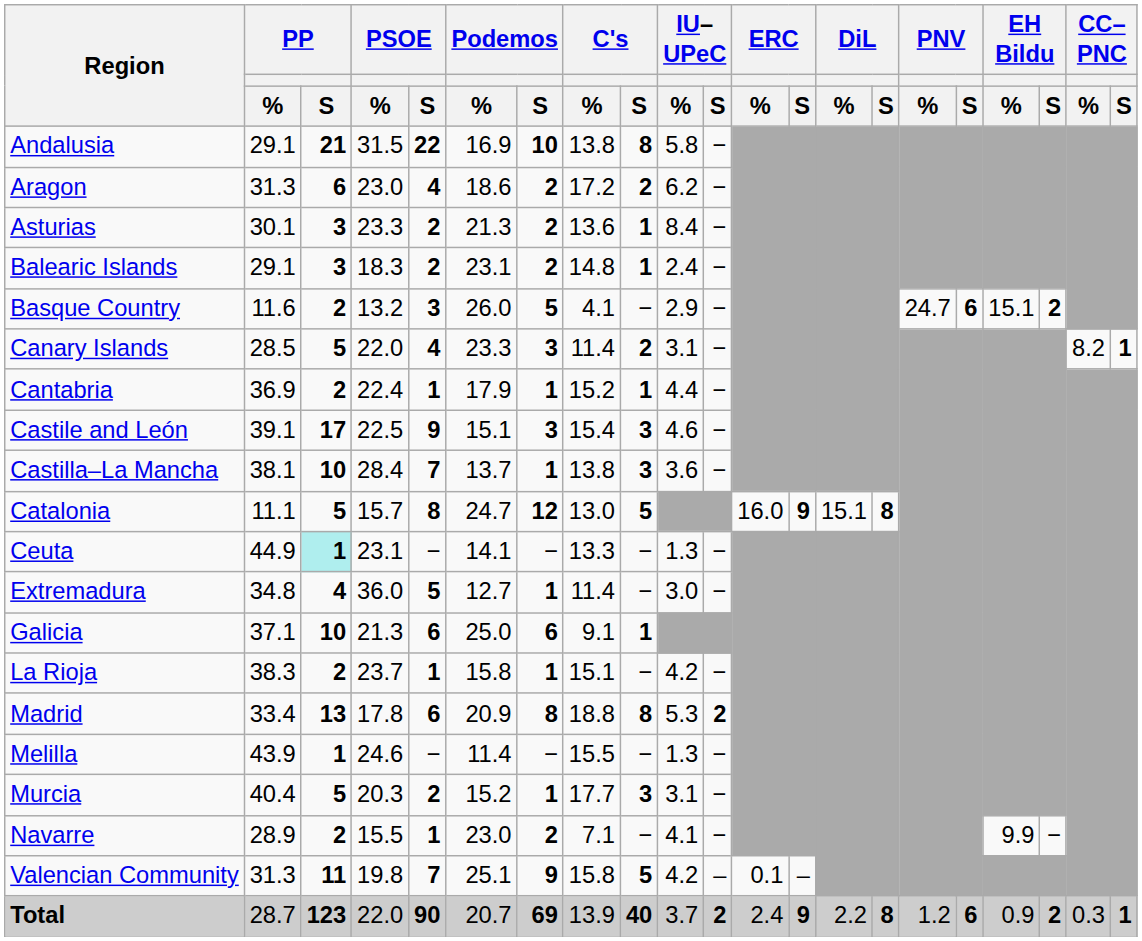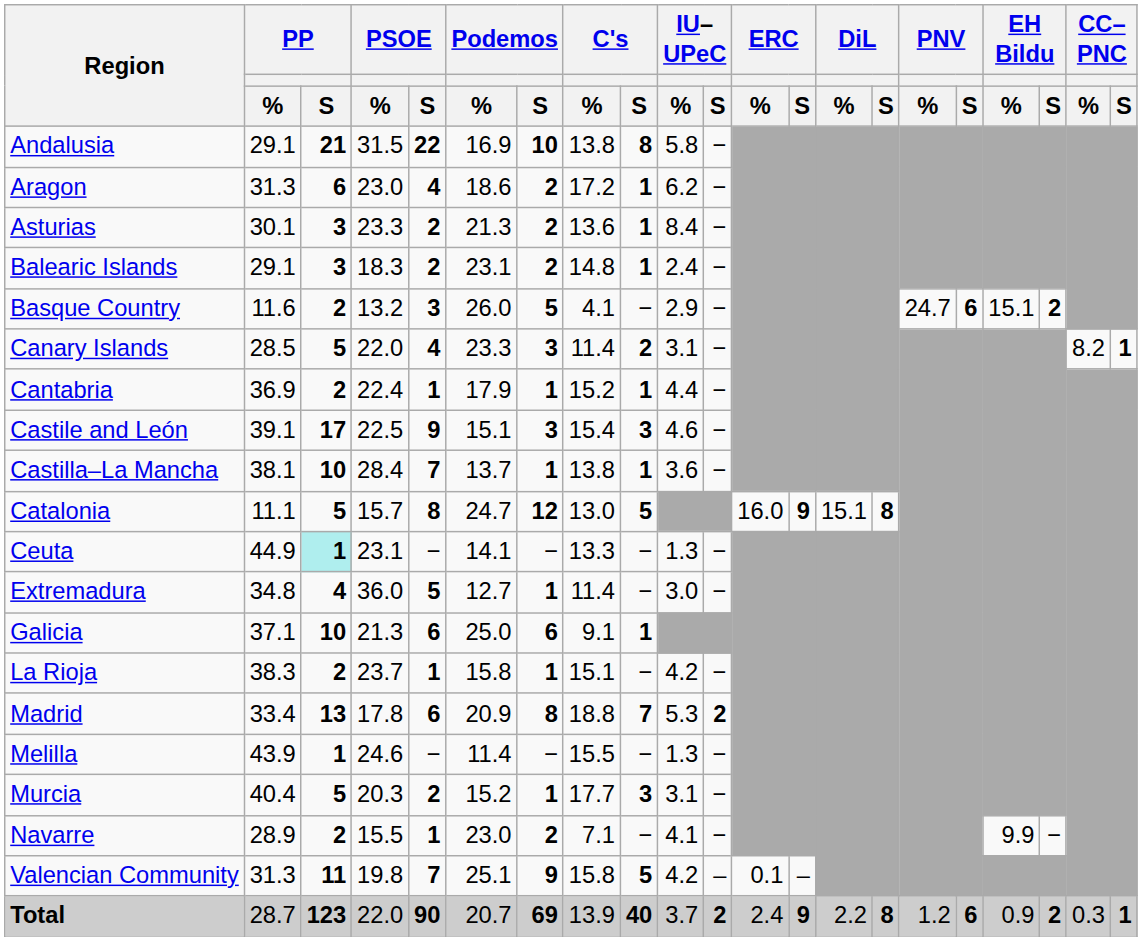 <table class="wikitable sortable" style="text-align:right; line-height:20px;">
 <tr>
 <th rowspan="3">Region</th>
 <th colspan="2" width="30px" class="unsortable"><a href='#'>PP</a></th>
 <th colspan="2" width="30px" class="unsortable"><a href='#'>PSOE</a></th>
 <th colspan="2" width="30px" class="unsortable"><a href='#'>Podemos</a></th>
 <th colspan="2" width="30px" class="unsortable"><a href='#'>C's</a></th>
 <th colspan="2" width="30px" class="unsortable"><a href='#'>IU</a>–<a href='#'>UPeC</a></th>
 <th colspan="2" width="30px" class="unsortable"><a href='#'>ERC</a></th>
 <th colspan="2" width="30px" class="unsortable"><a href='#'>DiL</a></th>
 <th colspan="2" width="30px" class="unsortable"><a href='#'>PNV</a></th>
 <th colspan="2" width="30px" class="unsortable"><a href='#'>EH Bildu</a></th>
 <th colspan="2" width="30px" class="unsortable"><a href='#'>CC–PNC</a></th>
 </tr>
 <tr>
 <th colspan="2" style="background:"></th>
 <th colspan="2" style="background:"></th>
 <th colspan="2" style="background:"></th>
 <th colspan="2" style="background:"></th>
 <th colspan="2" style="background:"></th>
 <th colspan="2" style="background:"></th>
 <th colspan="2" style="background:"></th>
 <th colspan="2" style="background:"></th>
 <th colspan="2" style="background:"></th>
 <th colspan="2" style="background:"></th>
 </tr>
 <tr>
 <th data-sort-type="number">%</th>
 <th data-sort-type="number">S</th>
 <th data-sort-type="number">%</th>
 <th data-sort-type="number">S</th>
 <th data-sort-type="number">%</th>
 <th data-sort-type="number">S</th>
 <th data-sort-type="number">%</th>
 <th data-sort-type="number">S</th>
 <th data-sort-type="number">%</th>
 <th data-sort-type="number">S</th>
 <th data-sort-type="number">%</th>
 <th data-sort-type="number">S</th>
 <th data-sort-type="number">%</th>
 <th data-sort-type="number">S</th>
 <th data-sort-type="number">%</th>
 <th data-sort-type="number">S</th>
 <th data-sort-type="number">%</th>
 <th data-sort-type="number">S</th>
 <th data-sort-type="number">%</th>
 <th data-sort-type="number">S</th>
 </tr>
 <tr>
 <td align="left"><a href='#'>Andalusia</a></td>
 <td>29.1</td>
 <td><strong>21</strong></td>
 <td style="background:">31.5</td>
 <td><strong>22</strong></td>
 <td>16.9</td>
 <td><strong>10</strong></td>
 <td>13.8</td>
 <td><strong>8</strong></td>
 <td>5.8</td>
 <td>−</td>
 <td colspan="2" rowspan="9" bgcolor="#AAAAAA"></td>
 <td colspan="2" rowspan="9" bgcolor="#AAAAAA"></td>
 <td colspan="2" rowspan="4" bgcolor="#AAAAAA"></td>
 <td colspan="2" rowspan="4" bgcolor="#AAAAAA"></td>
 <td colspan="2" rowspan="5" bgcolor="#AAAAAA"></td>
 </tr>
 <tr>
 <td align="left"><a href='#'>Aragon</a></td>
 <td style="background:">31.3</td>
 <td><strong>6</strong></td>
 <td>23.0</td>
 <td><strong>4</strong></td>
 <td>18.6</td>
 <td><strong>2</strong></td>
 <td>17.2</td>
-<td><strong>2</strong></td>
+<td><strong>1</strong></td>
 <td>6.2</td>
 <td>−</td>
 </tr>
 <tr>
 <td align="left"><a href='#'>Asturias</a></td>
 <td style="background:">30.1</td>
 <td><strong>3</strong></td>
 <td>23.3</td>
 <td><strong>2</strong></td>
 <td>21.3</td>
 <td><strong>2</strong></td>
 <td>13.6</td>
 <td><strong>1</strong></td>
 <td>8.4</td>
 <td>−</td>
 </tr>
 <tr>
 <td align="left"><a href='#'>Balearic Islands</a></td>
 <td style="background:">29.1</td>
 <td><strong>3</strong></td>
 <td>18.3</td>
 <td><strong>2</strong></td>
 <td>23.1</td>
 <td><strong>2</strong></td>
 <td>14.8</td>
 <td><strong>1</strong></td>
 <td>2.4</td>
 <td>−</td>
 </tr>
 <tr>
 <td align="left"><a href='#'>Basque Country</a></td>
 <td>11.6</td>
 <td><strong>2</strong></td>
 <td>13.2</td>
 <td><strong>3</strong></td>
 <td style="background:">26.0</td>
 <td><strong>5</strong></td>
 <td>4.1</td>
 <td>−</td>
 <td>2.9</td>
 <td>−</td>
 <td>24.7</td>
 <td><strong>6</strong></td>
 <td>15.1</td>
 <td><strong>2</strong></td>
 </tr>
 <tr>
 <td align="left"><a href='#'>Canary Islands</a></td>
 <td style="background:">28.5</td>
 <td><strong>5</strong></td>
 <td>22.0</td>
 <td><strong>4</strong></td>
 <td>23.3</td>
 <td><strong>3</strong></td>
 <td>11.4</td>
 <td><strong>2</strong></td>
 <td>3.1</td>
 <td>−</td>
 <td colspan="2" rowspan="14" bgcolor="#AAAAAA"></td>
 <td colspan="2" rowspan="12" bgcolor="#AAAAAA"></td>
 <td>8.2</td>
 <td><strong>1</strong></td>
 </tr>
 <tr>
 <td align="left"><a href='#'>Cantabria</a></td>
 <td style="background:">36.9</td>
 <td><strong>2</strong></td>
 <td>22.4</td>
 <td><strong>1</strong></td>
 <td>17.9</td>
 <td><strong>1</strong></td>
 <td>15.2</td>
 <td><strong>1</strong></td>
 <td>4.4</td>
 <td>−</td>
 <td colspan="2" rowspan="13" bgcolor="#AAAAAA"></td>
 </tr>
 <tr>
 <td align="left"><a href='#'>Castile and León</a></td>
 <td style="background:">39.1</td>
 <td><strong>17</strong></td>
 <td>22.5</td>
 <td><strong>9</strong></td>
 <td>15.1</td>
 <td><strong>3</strong></td>
 <td>15.4</td>
 <td><strong>3</strong></td>
 <td>4.6</td>
 <td>−</td>
 </tr>
 <tr>
 <td align="left"><a href='#'>Castilla–La Mancha</a></td>
 <td style="background:">38.1</td>
 <td><strong>10</strong></td>
 <td>28.4</td>
 <td><strong>7</strong></td>
 <td>13.7</td>
 <td><strong>1</strong></td>
 <td>13.8</td>
-<td><strong>3</strong></td>
+<td><strong>1</strong></td>
 <td>3.6</td>
 <td>−</td>
 </tr>
 <tr>
 <td align="left"><a href='#'>Catalonia</a></td>
 <td>11.1</td>
 <td><strong>5</strong></td>
 <td>15.7</td>
 <td><strong>8</strong></td>
 <td style="background:">24.7</td>
 <td><strong>12</strong></td>
 <td>13.0</td>
 <td><strong>5</strong></td>
 <td colspan="2" bgcolor="#AAAAAA"></td>
 <td>16.0</td>
 <td><strong>9</strong></td>
 <td>15.1</td>
 <td><strong>8</strong></td>
 </tr>
 <tr>
 <td align="left"><a href='#'>Ceuta</a></td>
 <td style="background:">44.9</td>
 <td style="background: paleturquoise;"><strong>1</strong></td>
 <td>23.1</td>
 <td>−</td>
 <td>14.1</td>
 <td>−</td>
 <td>13.3</td>
 <td>−</td>
 <td>1.3</td>
 <td>−</td>
 <td colspan="2" rowspan="8" bgcolor="#AAAAAA"></td>
 <td colspan="2" rowspan="9" bgcolor="#AAAAAA"></td>
 </tr>
 <tr>
 <td align="left"><a href='#'>Extremadura</a></td>
 <td>34.8</td>
 <td><strong>4</strong></td>
 <td style="background:">36.0</td>
 <td><strong>5</strong></td>
 <td>12.7</td>
 <td><strong>1</strong></td>
 <td>11.4</td>
 <td>−</td>
 <td>3.0</td>
 <td>−</td>
 </tr>
 <tr>
 <td align="left"><a href='#'>Galicia</a></td>
 <td style="background:">37.1</td>
 <td><strong>10</strong></td>
 <td>21.3</td>
 <td><strong>6</strong></td>
 <td>25.0</td>
 <td><strong>6</strong></td>
 <td>9.1</td>
 <td><strong>1</strong></td>
 <td colspan="2" bgcolor="#AAAAAA"></td>
 </tr>
 <tr>
 <td align="left"><a href='#'>La Rioja</a></td>
 <td style="background:">38.3</td>
 <td><strong>2</strong></td>
 <td>23.7</td>
 <td><strong>1</strong></td>
 <td>15.8</td>
 <td><strong>1</strong></td>
 <td>15.1</td>
 <td>−</td>
 <td>4.2</td>
 <td>−</td>
 </tr>
 <tr>
 <td align="left"><a href='#'>Madrid</a></td>
 <td style="background:">33.4</td>
 <td><strong>13</strong></td>
 <td>17.8</td>
 <td><strong>6</strong></td>
 <td>20.9</td>
 <td><strong>8</strong></td>
 <td>18.8</td>
-<td><strong>8</strong></td>
+<td><strong>7</strong></td>
 <td>5.3</td>
 <td><strong>2</strong></td>
 </tr>
 <tr>
 <td align="left"><a href='#'>Melilla</a></td>
 <td style="background:">43.9</td>
 <td><strong>1</strong></td>
 <td>24.6</td>
 <td>−</td>
 <td>11.4</td>
 <td>−</td>
 <td>15.5</td>
 <td>−</td>
 <td>1.3</td>
 <td>−</td>
 </tr>
 <tr>
 <td align="left"><a href='#'>Murcia</a></td>
 <td style="background:">40.4</td>
 <td><strong>5</strong></td>
 <td>20.3</td>
 <td><strong>2</strong></td>
 <td>15.2</td>
 <td><strong>1</strong></td>
 <td>17.7</td>
 <td><strong>3</strong></td>
 <td>3.1</td>
 <td>−</td>
 </tr>
 <tr>
 <td align="left"><a href='#'>Navarre</a></td>
 <td style="background:">28.9</td>
 <td><strong>2</strong></td>
 <td>15.5</td>
 <td><strong>1</strong></td>
 <td>23.0</td>
 <td><strong>2</strong></td>
 <td>7.1</td>
 <td>−</td>
 <td>4.1</td>
 <td>−</td>
 <td>9.9</td>
 <td>−</td>
 </tr>
 <tr>
 <td align="left"><a href='#'>Valencian Community</a></td>
 <td style="background:">31.3</td>
 <td><strong>11</strong></td>
 <td>19.8</td>
 <td><strong>7</strong></td>
 <td>25.1</td>
 <td><strong>9</strong></td>
 <td>15.8</td>
 <td><strong>5</strong></td>
 <td>4.2</td>
 <td>–</td>
 <td>0.1</td>
 <td>–</td>
 <td colspan="2" bgcolor="#AAAAAA"></td>
 </tr>
 <tr style="background:#CDCDCD;">
 <td align="left"><strong>Total</strong></td>
 <td style="background:">28.7</td>
 <td><strong>123</strong></td>
 <td>22.0</td>
 <td><strong>90</strong></td>
 <td>20.7</td>
 <td><strong>69</strong></td>
 <td>13.9</td>
 <td><strong>40</strong></td>
 <td>3.7</td>
 <td><strong>2</strong></td>
 <td>2.4</td>
 <td><strong>9</strong></td>
 <td>2.2</td>
 <td><strong>8</strong></td>
 <td>1.2</td>
 <td><strong>6</strong></td>
 <td>0.9</td>
 <td><strong>2</strong></td>
 <td>0.3</td>
 <td><strong>1</strong></td>
 </tr>
 </table>
